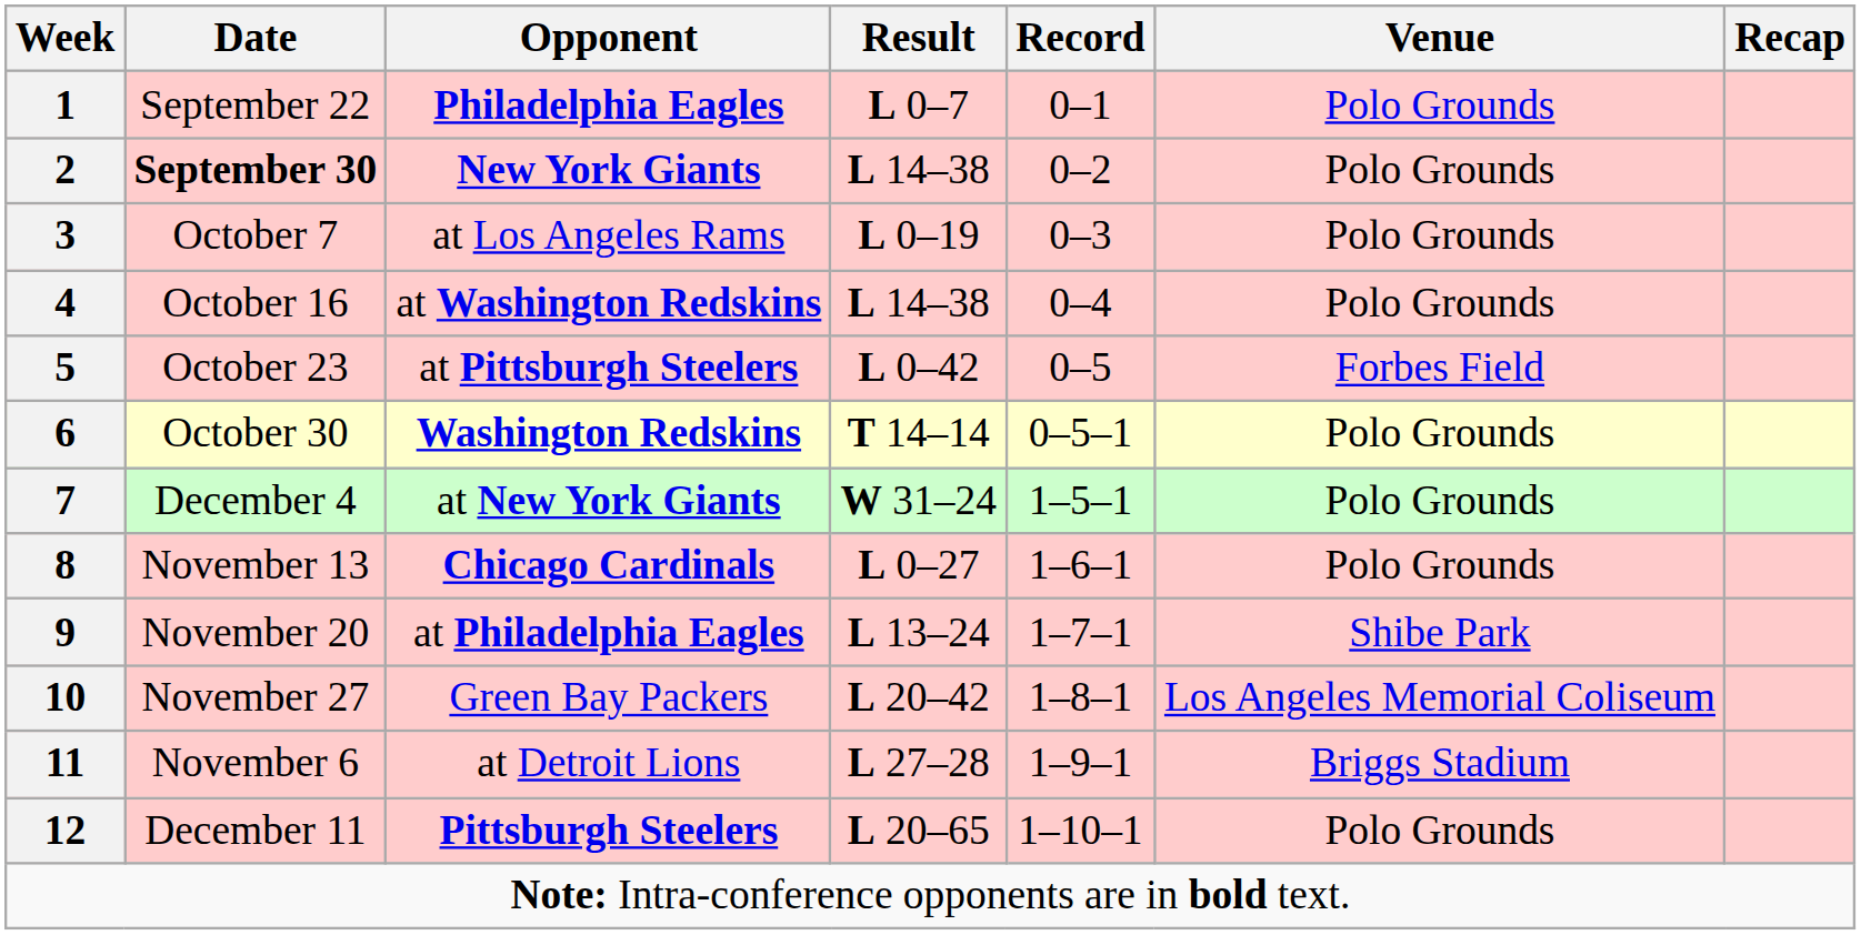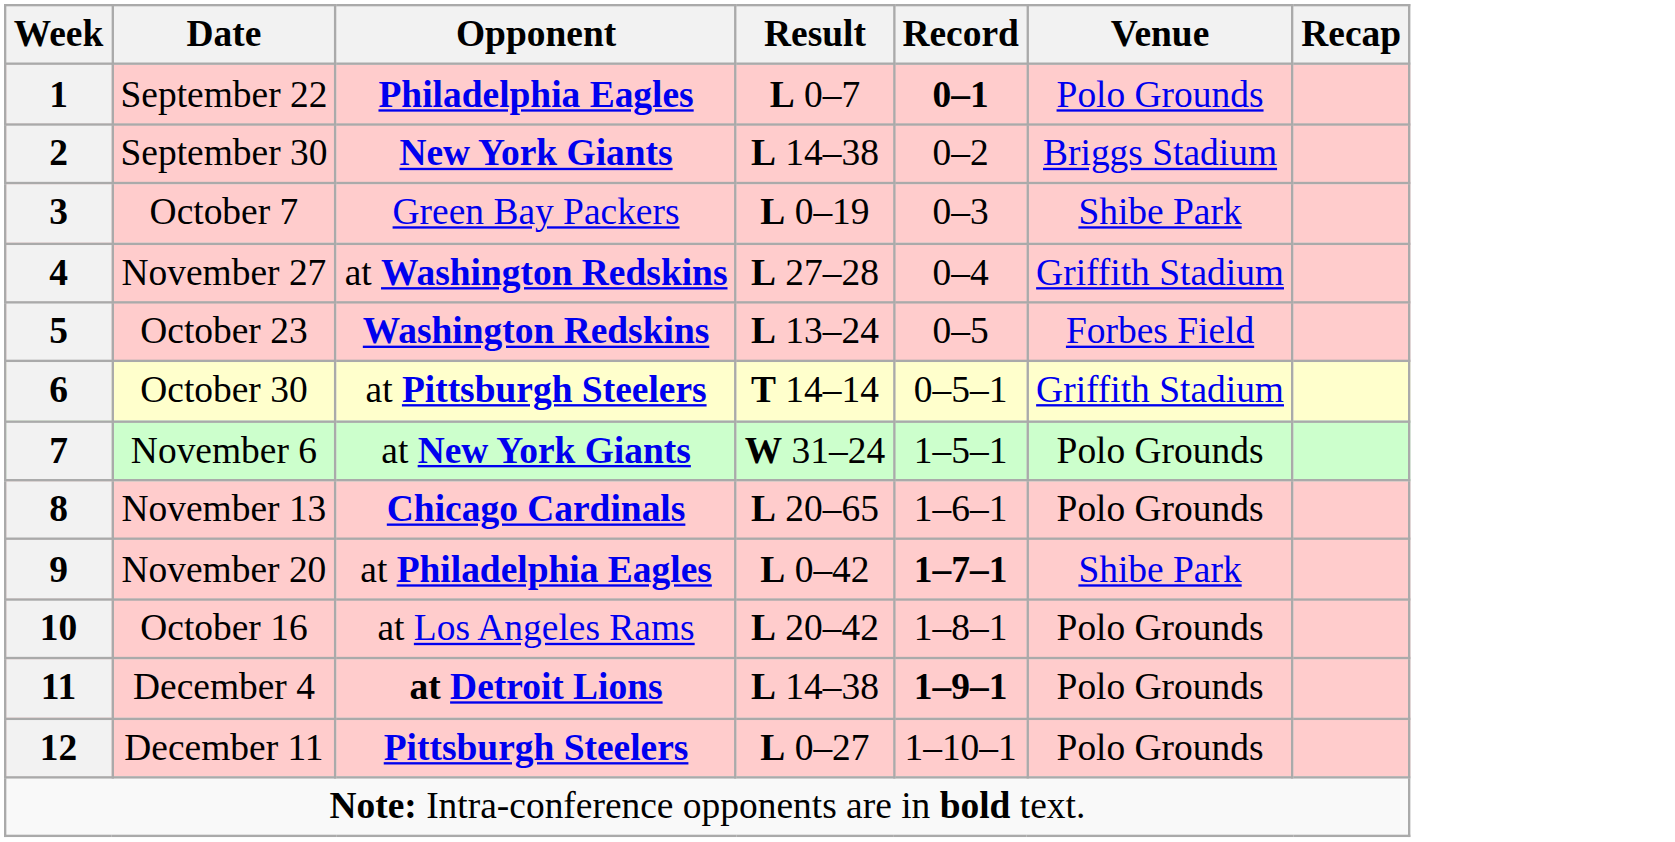 <table class="wikitable" style="text-align:center">
 <tr>
 <th>Week</th>
 <th>Date</th>
 <th>Opponent</th>
 <th>Result</th>
 <th>Record</th>
 <th>Venue</th>
 <th>Recap</th>
 </tr>
 <tr style="background:#fcc">
 <th>1</th>
 <td>September 22</td>
 <td><strong><a href='#'>Philadelphia Eagles</a></strong></td>
 <td><strong>L</strong> 0–7</td>
-<td>0–1</td>
+<td><strong>0–1</strong></td>
 <td><a href='#'>Polo Grounds</a></td>
 <td></td>
 </tr>
 <tr style="background:#fcc">
 <th>2</th>
-<td><strong>September 30</strong></td>
+<td>September 30</td>
 <td><strong><a href='#'>New York Giants</a></strong></td>
 <td><strong>L</strong> 14–38</td>
 <td>0–2</td>
-<td>Polo Grounds</td>
+<td><a href='#'>Briggs Stadium</a></td>
 <td></td>
 </tr>
 <tr style="background:#fcc">
 <th>3</th>
 <td>October 7</td>
-<td>at <a href='#'>Los Angeles Rams</a></td>
+<td><a href='#'>Green Bay Packers</a></td>
 <td><strong>L</strong> 0–19</td>
 <td>0–3</td>
-<td>Polo Grounds</td>
+<td><a href='#'>Shibe Park</a></td>
 <td></td>
 </tr>
 <tr style="background:#fcc">
 <th>4</th>
-<td>October 16</td>
+<td>November 27</td>
 <td>at <strong><a href='#'>Washington Redskins</a></strong></td>
-<td><strong>L</strong> 14–38</td>
+<td><strong>L</strong> 27–28</td>
 <td>0–4</td>
-<td>Polo Grounds</td>
+<td><a href='#'>Griffith Stadium</a></td>
 <td></td>
 </tr>
 <tr style="background:#fcc">
 <th>5</th>
 <td>October 23</td>
-<td>at <strong><a href='#'>Pittsburgh Steelers</a></strong></td>
-<td><strong>L</strong> 0–42</td>
+<td><strong><a href='#'>Washington Redskins</a></strong></td>
+<td><strong>L</strong> 13–24</td>
 <td>0–5</td>
 <td><a href='#'>Forbes Field</a></td>
 <td></td>
 </tr>
 <tr style="background:#ffc">
 <th>6</th>
 <td>October 30</td>
-<td><strong><a href='#'>Washington Redskins</a></strong></td>
+<td>at <strong><a href='#'>Pittsburgh Steelers</a></strong></td>
 <td><strong>T</strong> 14–14</td>
 <td>0–5–1</td>
-<td>Polo Grounds</td>
+<td><a href='#'>Griffith Stadium</a></td>
 <td></td>
 </tr>
 <tr style="background:#cfc">
 <th>7</th>
-<td>December 4</td>
+<td>November 6</td>
 <td>at <strong><a href='#'>New York Giants</a></strong></td>
 <td><strong>W</strong> 31–24</td>
 <td>1–5–1</td>
 <td>Polo Grounds</td>
 <td></td>
 </tr>
 <tr style="background:#fcc">
 <th>8</th>
 <td>November 13</td>
 <td><strong><a href='#'>Chicago Cardinals</a></strong></td>
-<td><strong>L</strong> 0–27</td>
+<td><strong>L</strong> 20–65</td>
 <td>1–6–1</td>
 <td>Polo Grounds</td>
 <td></td>
 </tr>
 <tr style="background:#fcc">
 <th>9</th>
 <td>November 20</td>
 <td>at <strong><a href='#'>Philadelphia Eagles</a></strong></td>
-<td><strong>L</strong> 13–24</td>
-<td>1–7–1</td>
+<td><strong>L</strong> 0–42</td>
+<td><strong>1–7–1</strong></td>
 <td><a href='#'>Shibe Park</a></td>
 <td></td>
 </tr>
 <tr style="background:#fcc">
 <th>10</th>
-<td>November 27</td>
-<td><a href='#'>Green Bay Packers</a></td>
+<td>October 16</td>
+<td>at <a href='#'>Los Angeles Rams</a></td>
 <td><strong>L</strong> 20–42</td>
 <td>1–8–1</td>
-<td><a href='#'>Los Angeles Memorial Coliseum</a></td>
+<td>Polo Grounds</td>
 <td></td>
 </tr>
 <tr style="background:#fcc">
 <th>11</th>
-<td>November 6</td>
-<td>at <a href='#'>Detroit Lions</a></td>
-<td><strong>L</strong> 27–28</td>
-<td>1–9–1</td>
-<td><a href='#'>Briggs Stadium</a></td>
+<td>December 4</td>
+<td><strong>at <a href='#'>Detroit Lions</a></strong></td>
+<td><strong>L</strong> 14–38</td>
+<td><strong>1–9–1</strong></td>
+<td>Polo Grounds</td>
 <td></td>
 </tr>
 <tr style="background:#fcc">
 <th>12</th>
 <td>December 11</td>
 <td><strong><a href='#'>Pittsburgh Steelers</a></strong></td>
-<td><strong>L</strong> 20–65</td>
+<td><strong>L</strong> 0–27</td>
 <td>1–10–1</td>
 <td>Polo Grounds</td>
 <td></td>
 </tr>
 <tr>
 <td colspan="8"><strong>Note:</strong> Intra-conference opponents are in <strong>bold</strong> text.</td>
 </tr>
 </table>
